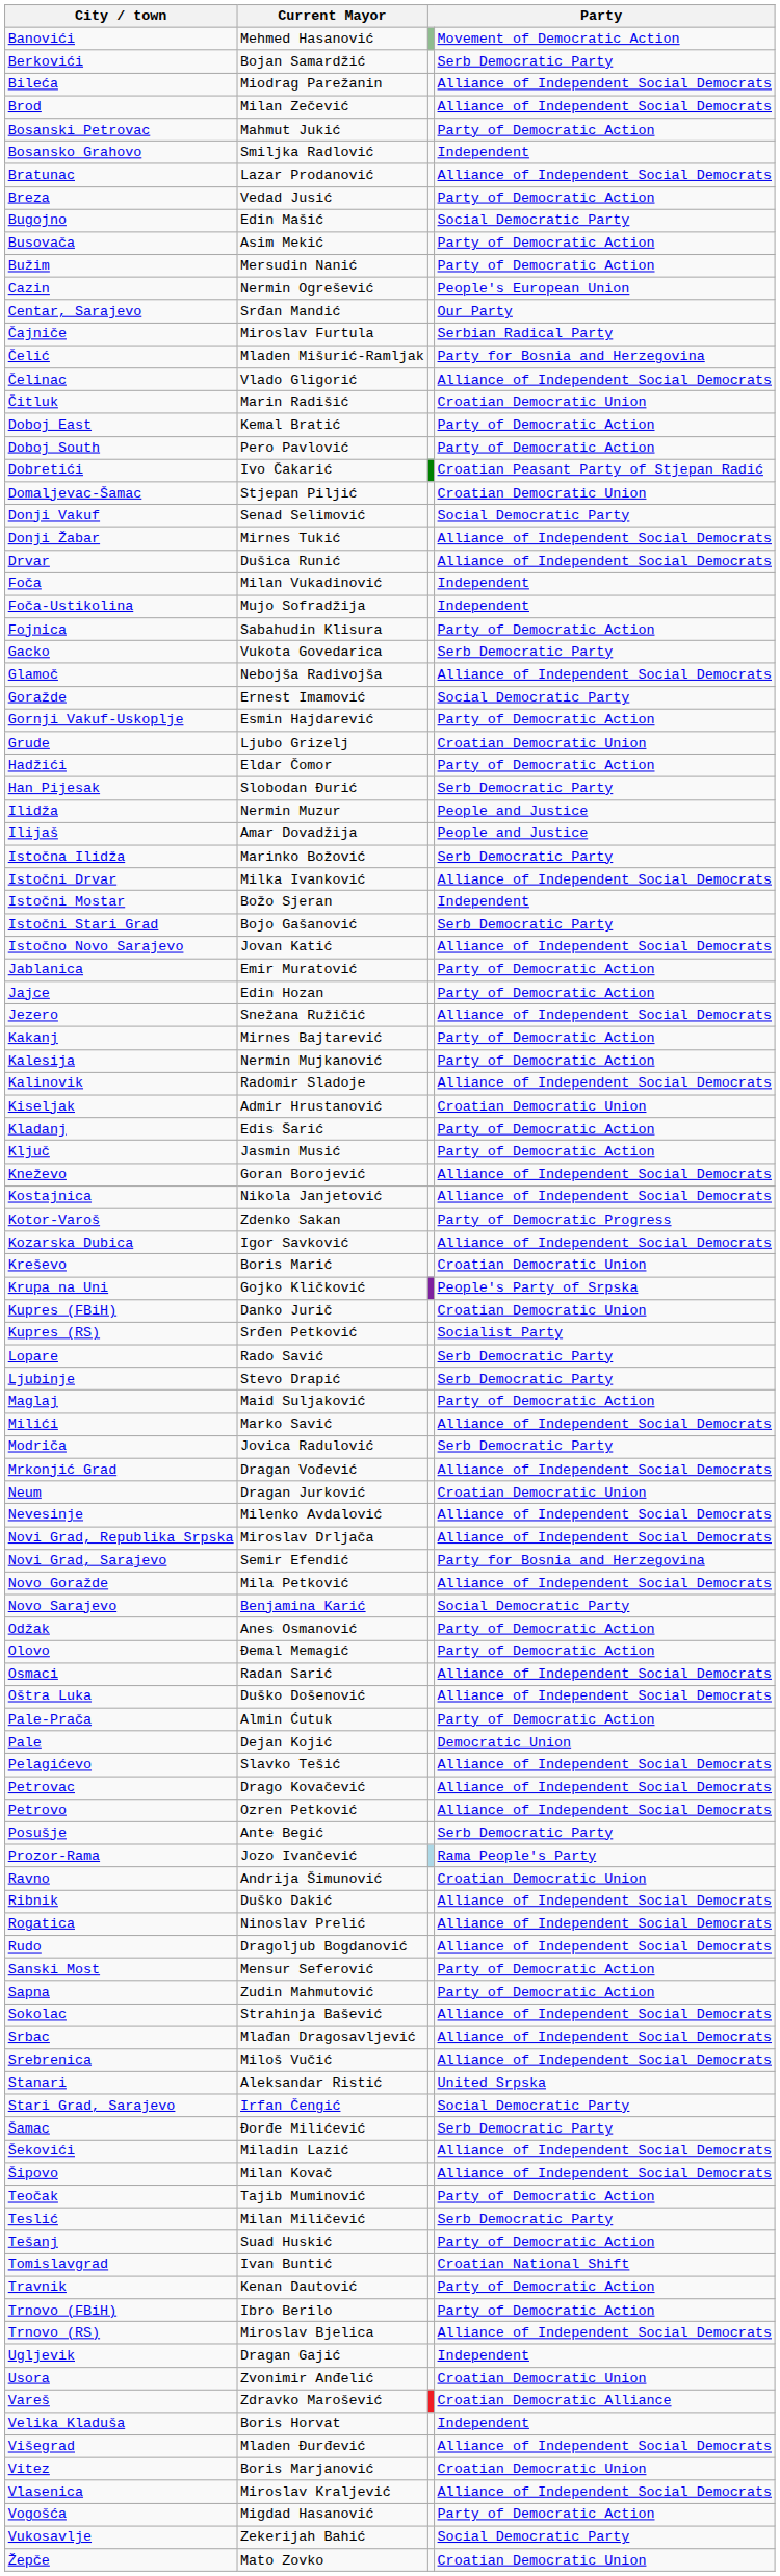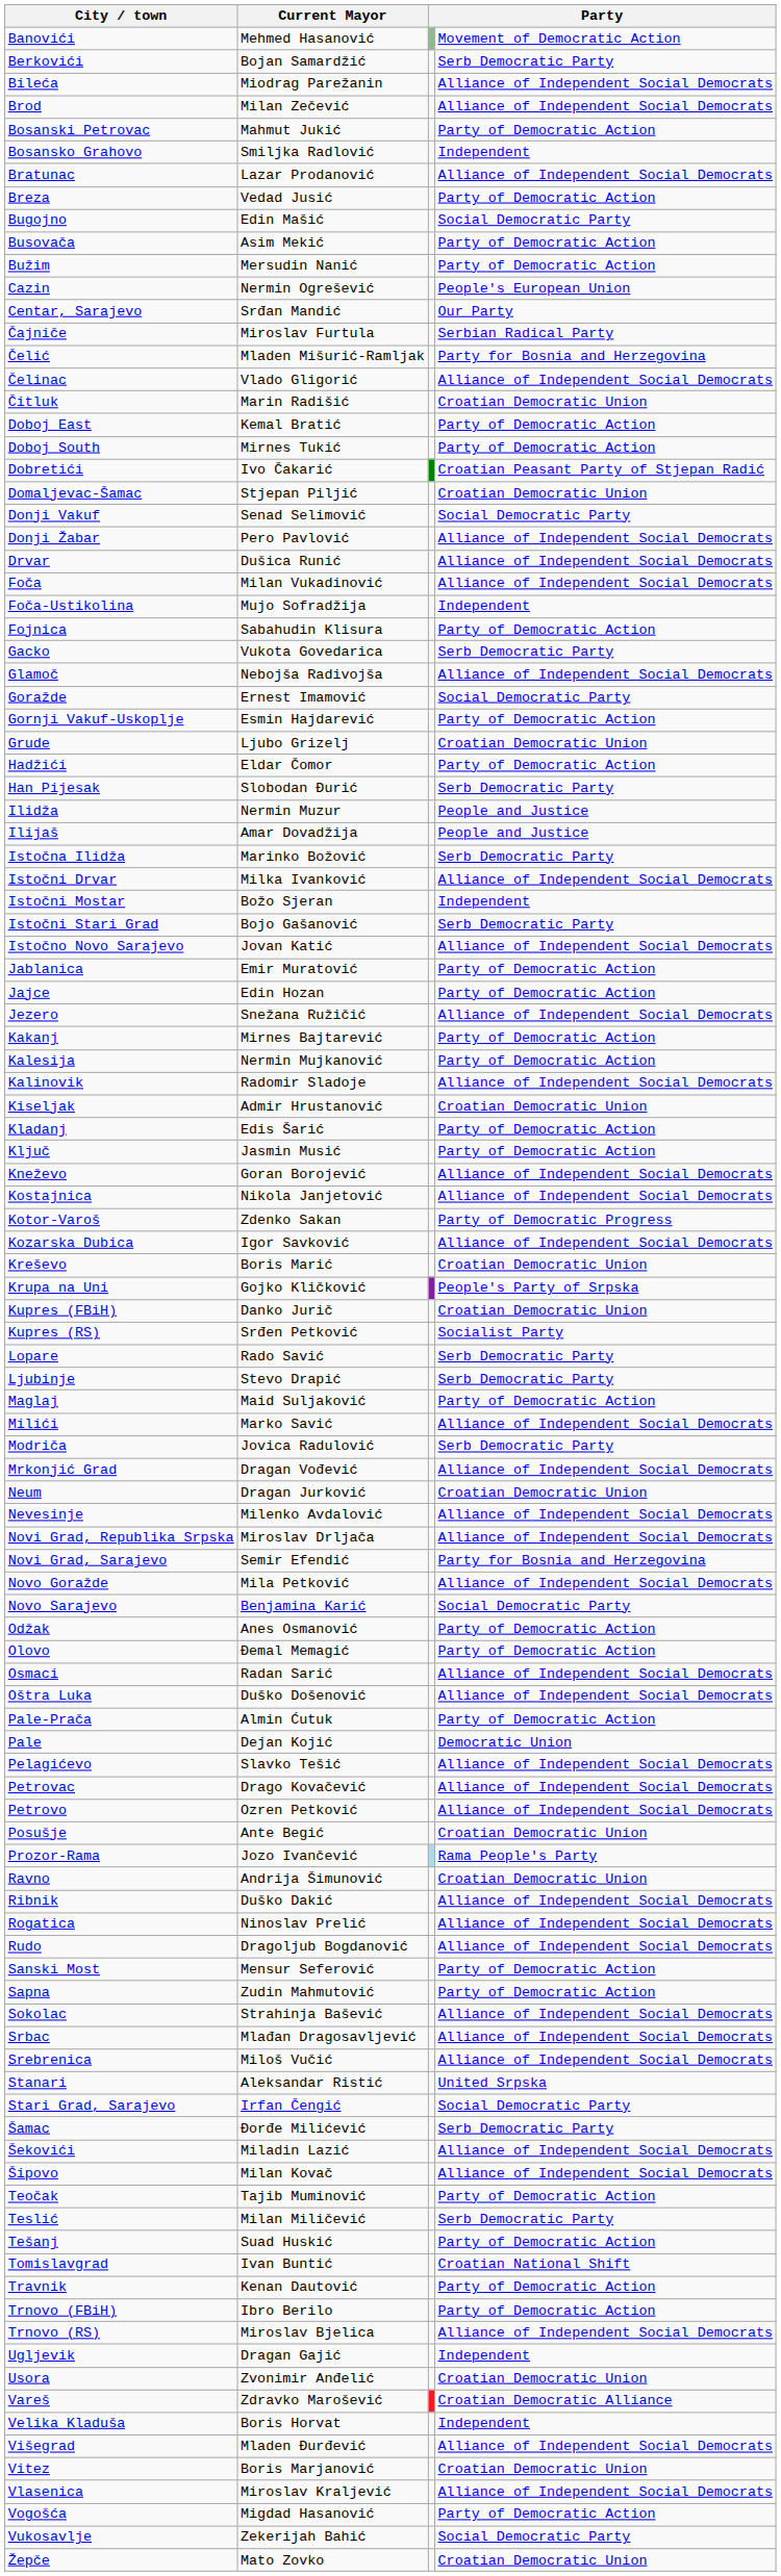 <table class="wikitable">
 <tr>
 <th>City / town</th>
 <th>Current Mayor</th>
 <th colspan="2">Party</th>
 </tr>
 <tr>
 <td><a href='#'>Banovići</a></td>
 <td>Mehmed Hasanović</td>
 <td style="background-color:#8fbc8f"></td>
 <td><a href='#'>Movement of Democratic Action</a></td>
 </tr>
 <tr>
 <td><a href='#'>Berkovići</a></td>
 <td>Bojan Samardžić</td>
 <td style="background-color:"></td>
 <td><a href='#'>Serb Democratic Party</a></td>
 </tr>
 <tr>
 <td><a href='#'>Bileća</a></td>
 <td>Miodrag Parežanin</td>
 <td style="background-color:"></td>
 <td><a href='#'>Alliance of Independent Social Democrats</a></td>
 </tr>
 <tr>
 <td><a href='#'>Brod</a></td>
 <td>Milan Zečević</td>
 <td style="background-color:"></td>
 <td><a href='#'>Alliance of Independent Social Democrats</a></td>
 </tr>
 <tr>
 <td><a href='#'>Bosanski Petrovac</a></td>
 <td>Mahmut Jukić</td>
 <td style="background-color:"></td>
 <td><a href='#'>Party of Democratic Action</a></td>
 </tr>
 <tr>
 <td><a href='#'>Bosansko Grahovo</a></td>
 <td>Smiljka Radlović</td>
 <td style="background-color:"></td>
 <td><a href='#'>Independent</a></td>
 </tr>
 <tr>
 <td><a href='#'>Bratunac</a></td>
 <td>Lazar Prodanović</td>
 <td style="background-color:"></td>
 <td><a href='#'>Alliance of Independent Social Democrats</a></td>
 </tr>
 <tr>
 <td><a href='#'>Breza</a></td>
 <td>Vedad Jusić</td>
 <td style="background-color:"></td>
 <td><a href='#'>Party of Democratic Action</a></td>
 </tr>
 <tr>
 <td><a href='#'>Bugojno</a></td>
 <td>Edin Mašić</td>
 <td style="background-color:"></td>
 <td><a href='#'>Social Democratic Party</a></td>
 </tr>
 <tr>
 <td><a href='#'>Busovača</a></td>
 <td>Asim Mekić</td>
 <td style="background-color:"></td>
 <td><a href='#'>Party of Democratic Action</a></td>
 </tr>
 <tr>
 <td><a href='#'>Bužim</a></td>
 <td>Mersudin Nanić</td>
 <td style="background-color:"></td>
 <td><a href='#'>Party of Democratic Action</a></td>
 </tr>
 <tr>
 <td><a href='#'>Cazin</a></td>
 <td>Nermin Ogrešević</td>
 <td style="background-color:"></td>
 <td><a href='#'>People's European Union</a></td>
 </tr>
 <tr>
 <td><a href='#'>Centar, Sarajevo</a></td>
 <td>Srđan Mandić</td>
 <td style="background-color:"></td>
 <td><a href='#'>Our Party</a></td>
 </tr>
 <tr>
 <td><a href='#'>Čajniče</a></td>
 <td>Miroslav Furtula</td>
 <td style="background-color:"></td>
 <td><a href='#'>Serbian Radical Party</a></td>
 </tr>
 <tr>
 <td><a href='#'>Čelić</a></td>
 <td>Mladen Mišurić-Ramljak</td>
 <td style="background-color:"></td>
 <td><a href='#'>Party for Bosnia and Herzegovina</a></td>
 </tr>
 <tr>
 <td><a href='#'>Čelinac</a></td>
 <td>Vlado Gligorić</td>
 <td style="background-color:"></td>
 <td><a href='#'>Alliance of Independent Social Democrats</a></td>
 </tr>
 <tr>
 <td><a href='#'>Čitluk</a></td>
 <td>Marin Radišić</td>
 <td style="background-color:"></td>
 <td><a href='#'>Croatian Democratic Union</a></td>
 </tr>
 <tr>
 <td><a href='#'>Doboj East</a></td>
 <td>Kemal Bratić</td>
 <td style="background-color:"></td>
 <td><a href='#'>Party of Democratic Action</a></td>
 </tr>
 <tr>
 <td><a href='#'>Doboj South</a></td>
-<td>Pero Pavlović</td>
+<td>Mirnes Tukić</td>
 <td style="background-color:"></td>
 <td><a href='#'>Party of Democratic Action</a></td>
 </tr>
 <tr>
 <td><a href='#'>Dobretići</a></td>
 <td>Ivo Čakarić</td>
 <td style="background-color:green"></td>
 <td><a href='#'>Croatian Peasant Party of Stjepan Radić</a></td>
 </tr>
 <tr>
 <td><a href='#'>Domaljevac-Šamac</a></td>
 <td>Stjepan Piljić</td>
 <td style="background-color:"></td>
 <td><a href='#'>Croatian Democratic Union</a></td>
 </tr>
 <tr>
 <td><a href='#'>Donji Vakuf</a></td>
 <td>Senad Selimović</td>
 <td style="background-color:"></td>
 <td><a href='#'>Social Democratic Party</a></td>
 </tr>
 <tr>
 <td><a href='#'>Donji Žabar</a></td>
-<td>Mirnes Tukić</td>
+<td>Pero Pavlović</td>
 <td style="background-color:"></td>
 <td><a href='#'>Alliance of Independent Social Democrats</a></td>
 </tr>
 <tr>
 <td><a href='#'>Drvar</a></td>
 <td>Dušica Runić</td>
 <td style="background-color:"></td>
 <td><a href='#'>Alliance of Independent Social Democrats</a></td>
 </tr>
 <tr>
 <td><a href='#'>Foča</a></td>
 <td>Milan Vukadinović</td>
 <td style="background-color:"></td>
-<td><a href='#'>Independent</a></td>
+<td><a href='#'>Alliance of Independent Social Democrats</a></td>
 </tr>
 <tr>
 <td><a href='#'>Foča-Ustikolina</a></td>
 <td>Mujo Sofradžija</td>
 <td style="background-color:"></td>
 <td><a href='#'>Independent</a></td>
 </tr>
 <tr>
 <td><a href='#'>Fojnica</a></td>
 <td>Sabahudin Klisura</td>
 <td style="background-color:"></td>
 <td><a href='#'>Party of Democratic Action</a></td>
 </tr>
 <tr>
 <td><a href='#'>Gacko</a></td>
 <td>Vukota Govedarica</td>
 <td style="background-color:"></td>
 <td><a href='#'>Serb Democratic Party</a></td>
 </tr>
 <tr>
 <td><a href='#'>Glamoč</a></td>
 <td>Nebojša Radivojša</td>
 <td style="background-color:"></td>
 <td><a href='#'>Alliance of Independent Social Democrats</a></td>
 </tr>
 <tr>
 <td><a href='#'>Goražde</a></td>
 <td>Ernest Imamović</td>
 <td style="background-color:"></td>
 <td><a href='#'>Social Democratic Party</a></td>
 </tr>
 <tr>
 <td><a href='#'>Gornji Vakuf-Uskoplje</a></td>
 <td>Esmin Hajdarević</td>
 <td style="background-color:"></td>
 <td><a href='#'>Party of Democratic Action</a></td>
 </tr>
 <tr>
 <td><a href='#'>Grude</a></td>
 <td>Ljubo Grizelj</td>
 <td style="background-color:"></td>
 <td><a href='#'>Croatian Democratic Union</a></td>
 </tr>
 <tr>
 <td><a href='#'>Hadžići</a></td>
 <td>Eldar Čomor</td>
 <td style="background-color:"></td>
 <td><a href='#'>Party of Democratic Action</a></td>
 </tr>
 <tr>
 <td><a href='#'>Han Pijesak</a></td>
 <td>Slobodan Đurić</td>
 <td style="background-color:"></td>
 <td><a href='#'>Serb Democratic Party</a></td>
 </tr>
 <tr>
 <td><a href='#'>Ilidža</a></td>
 <td>Nermin Muzur</td>
 <td style="background-color:"></td>
 <td><a href='#'>People and Justice</a></td>
 </tr>
 <tr>
 <td><a href='#'>Ilijaš</a></td>
 <td>Amar Dovadžija</td>
 <td style="background-color:"></td>
 <td><a href='#'>People and Justice</a></td>
 </tr>
 <tr>
 <td><a href='#'>Istočna Ilidža</a></td>
 <td>Marinko Božović</td>
 <td style="background-color:"></td>
 <td><a href='#'>Serb Democratic Party</a></td>
 </tr>
 <tr>
 <td><a href='#'>Istočni Drvar</a></td>
 <td>Milka Ivanković</td>
 <td style="background-color:"></td>
 <td><a href='#'>Alliance of Independent Social Democrats</a></td>
 </tr>
 <tr>
 <td><a href='#'>Istočni Mostar</a></td>
 <td>Božo Sjeran</td>
 <td style="background-color:"></td>
 <td><a href='#'>Independent</a></td>
 </tr>
 <tr>
 <td><a href='#'>Istočni Stari Grad</a></td>
 <td>Bojo Gašanović</td>
 <td style="background-color:"></td>
 <td><a href='#'>Serb Democratic Party</a></td>
 </tr>
 <tr>
 <td><a href='#'>Istočno Novo Sarajevo</a></td>
 <td>Jovan Katić</td>
 <td style="background-color:"></td>
 <td><a href='#'>Alliance of Independent Social Democrats</a></td>
 </tr>
 <tr>
 <td><a href='#'>Jablanica</a></td>
 <td>Emir Muratović</td>
 <td style="background-color:"></td>
 <td><a href='#'>Party of Democratic Action</a></td>
 </tr>
 <tr>
 <td><a href='#'>Jajce</a></td>
 <td>Edin Hozan</td>
 <td style="background-color:"></td>
 <td><a href='#'>Party of Democratic Action</a></td>
 </tr>
 <tr>
 <td><a href='#'>Jezero</a></td>
 <td>Snežana Ružičić</td>
 <td style="background-color:"></td>
 <td><a href='#'>Alliance of Independent Social Democrats</a></td>
 </tr>
 <tr>
 <td><a href='#'>Kakanj</a></td>
 <td>Mirnes Bajtarević</td>
 <td style="background-color:"></td>
 <td><a href='#'>Party of Democratic Action</a></td>
 </tr>
 <tr>
 <td><a href='#'>Kalesija</a></td>
 <td>Nermin Mujkanović</td>
 <td style="background-color:"></td>
 <td><a href='#'>Party of Democratic Action</a></td>
 </tr>
 <tr>
 <td><a href='#'>Kalinovik</a></td>
 <td>Radomir Sladoje</td>
 <td style="background-color:"></td>
 <td><a href='#'>Alliance of Independent Social Democrats</a></td>
 </tr>
 <tr>
 <td><a href='#'>Kiseljak</a></td>
 <td>Admir Hrustanović</td>
 <td style="background-color:"></td>
 <td><a href='#'>Croatian Democratic Union</a></td>
 </tr>
 <tr>
 <td><a href='#'>Kladanj</a></td>
 <td>Edis Šarić</td>
 <td style="background-color:"></td>
 <td><a href='#'>Party of Democratic Action</a></td>
 </tr>
 <tr>
 <td><a href='#'>Ključ</a></td>
 <td>Jasmin Musić</td>
 <td style="background-color:"></td>
 <td><a href='#'>Party of Democratic Action</a></td>
 </tr>
 <tr>
 <td><a href='#'>Kneževo</a></td>
 <td>Goran Borojević</td>
 <td style="background-color:"></td>
 <td><a href='#'>Alliance of Independent Social Democrats</a></td>
 </tr>
 <tr>
 <td><a href='#'>Kostajnica</a></td>
 <td>Nikola Janjetović</td>
 <td style="background-color:"></td>
 <td><a href='#'>Alliance of Independent Social Democrats</a></td>
 </tr>
 <tr>
 <td><a href='#'>Kotor-Varoš</a></td>
 <td>Zdenko Sakan</td>
 <td style="background-color:"></td>
 <td><a href='#'>Party of Democratic Progress</a></td>
 </tr>
 <tr>
 <td><a href='#'>Kozarska Dubica</a></td>
 <td>Igor Savković</td>
 <td style="background-color:"></td>
 <td><a href='#'>Alliance of Independent Social Democrats</a></td>
 </tr>
 <tr>
 <td><a href='#'>Kreševo</a></td>
 <td>Boris Marić</td>
 <td style="background-color:"></td>
 <td><a href='#'>Croatian Democratic Union</a></td>
 </tr>
 <tr>
 <td><a href='#'>Krupa na Uni</a></td>
 <td>Gojko Kličković</td>
 <td style="background-color:#7D219E"></td>
 <td><a href='#'>People's Party of Srpska</a></td>
 </tr>
 <tr>
 <td><a href='#'>Kupres (FBiH)</a></td>
 <td>Danko Jurič</td>
 <td style="background-color:"></td>
 <td><a href='#'>Croatian Democratic Union</a></td>
 </tr>
 <tr>
 <td><a href='#'>Kupres (RS)</a></td>
 <td>Srđen Petković</td>
 <td style="background-color:"></td>
 <td><a href='#'>Socialist Party</a></td>
 </tr>
 <tr>
 <td><a href='#'>Lopare</a></td>
 <td>Rado Savić</td>
 <td style="background-color:"></td>
 <td><a href='#'>Serb Democratic Party</a></td>
 </tr>
 <tr>
 <td><a href='#'>Ljubinje</a></td>
 <td>Stevo Drapić</td>
 <td style="background-color:"></td>
 <td><a href='#'>Serb Democratic Party</a></td>
 </tr>
 <tr>
 <td><a href='#'>Maglaj</a></td>
 <td>Maid Suljaković</td>
 <td style="background-color:"></td>
 <td><a href='#'>Party of Democratic Action</a></td>
 </tr>
 <tr>
 <td><a href='#'>Milići</a></td>
 <td>Marko Savić</td>
 <td style="background-color:"></td>
 <td><a href='#'>Alliance of Independent Social Democrats</a></td>
 </tr>
 <tr>
 <td><a href='#'>Modriča</a></td>
 <td>Jovica Radulović</td>
 <td style="background-color:"></td>
 <td><a href='#'>Serb Democratic Party</a></td>
 </tr>
 <tr>
 <td><a href='#'>Mrkonjić Grad</a></td>
 <td>Dragan Vođević</td>
 <td style="background-color:"></td>
 <td><a href='#'>Alliance of Independent Social Democrats</a></td>
 </tr>
 <tr>
 <td><a href='#'>Neum</a></td>
 <td>Dragan Jurković</td>
 <td style="background-color:"></td>
 <td><a href='#'>Croatian Democratic Union</a></td>
 </tr>
 <tr>
 <td><a href='#'>Nevesinje</a></td>
 <td>Milenko Avdalović</td>
 <td style="background-color:"></td>
 <td><a href='#'>Alliance of Independent Social Democrats</a></td>
 </tr>
 <tr>
 <td><a href='#'>Novi Grad, Republika Srpska</a></td>
 <td>Miroslav Drljača</td>
 <td style="background-color:"></td>
 <td><a href='#'>Alliance of Independent Social Democrats</a></td>
 </tr>
 <tr>
 <td><a href='#'>Novi Grad, Sarajevo</a></td>
 <td>Semir Efendić</td>
 <td style="background-color:"></td>
 <td><a href='#'>Party for Bosnia and Herzegovina</a></td>
 </tr>
 <tr>
 <td><a href='#'>Novo Goražde</a></td>
 <td>Mila Petković</td>
 <td style="background-color:"></td>
 <td><a href='#'>Alliance of Independent Social Democrats</a></td>
 </tr>
 <tr>
 <td><a href='#'>Novo Sarajevo</a></td>
 <td><a href='#'>Benjamina Karić</a></td>
 <td style="background-color:"></td>
 <td><a href='#'>Social Democratic Party</a></td>
 </tr>
 <tr>
 <td><a href='#'>Odžak</a></td>
 <td>Anes Osmanović</td>
 <td style="background-color:"></td>
 <td><a href='#'>Party of Democratic Action</a></td>
 </tr>
 <tr>
 <td><a href='#'>Olovo</a></td>
 <td>Đemal Memagić</td>
 <td style="background-color:"></td>
 <td><a href='#'>Party of Democratic Action</a></td>
 </tr>
 <tr>
 <td><a href='#'>Osmaci</a></td>
 <td>Radan Sarić</td>
 <td style="background-color:"></td>
 <td><a href='#'>Alliance of Independent Social Democrats</a></td>
 </tr>
 <tr>
 <td><a href='#'>Oštra Luka</a></td>
 <td>Duško Došenović</td>
 <td style="background-color:"></td>
 <td><a href='#'>Alliance of Independent Social Democrats</a></td>
 </tr>
 <tr>
 <td><a href='#'>Pale-Prača</a></td>
 <td>Almin Ćutuk</td>
 <td style="background-color:"></td>
 <td><a href='#'>Party of Democratic Action</a></td>
 </tr>
 <tr>
 <td><a href='#'>Pale</a></td>
 <td>Dejan Kojić</td>
 <td style="background-color:"></td>
 <td><a href='#'>Democratic Union</a></td>
 </tr>
 <tr>
 <td><a href='#'>Pelagićevo</a></td>
 <td>Slavko Tešić</td>
 <td style="background-color:"></td>
 <td><a href='#'>Alliance of Independent Social Democrats</a></td>
 </tr>
 <tr>
 <td><a href='#'>Petrovac</a></td>
 <td>Drago Kovačević</td>
 <td style="background-color:"></td>
 <td><a href='#'>Alliance of Independent Social Democrats</a></td>
 </tr>
 <tr>
 <td><a href='#'>Petrovo</a></td>
 <td>Ozren Petković</td>
 <td style="background-color:"></td>
 <td><a href='#'>Alliance of Independent Social Democrats</a></td>
 </tr>
 <tr>
 <td><a href='#'>Posušje</a></td>
 <td>Ante Begić</td>
 <td style="background-color:"></td>
-<td><a href='#'>Serb Democratic Party</a></td>
+<td><a href='#'>Croatian Democratic Union</a></td>
 </tr>
 <tr>
 <td><a href='#'>Prozor-Rama</a></td>
 <td>Jozo Ivančević</td>
 <td style="background-color:lightblue"></td>
 <td><a href='#'>Rama People's Party</a></td>
 </tr>
 <tr>
 <td><a href='#'>Ravno</a></td>
 <td>Andrija Šimunović</td>
 <td style="background-color:"></td>
 <td><a href='#'>Croatian Democratic Union</a></td>
 </tr>
 <tr>
 <td><a href='#'>Ribnik</a></td>
 <td>Duško Dakić</td>
 <td style="background-color:"></td>
 <td><a href='#'>Alliance of Independent Social Democrats</a></td>
 </tr>
 <tr>
 <td><a href='#'>Rogatica</a></td>
 <td>Ninoslav Prelić</td>
 <td style="background-color:"></td>
 <td><a href='#'>Alliance of Independent Social Democrats</a></td>
 </tr>
 <tr>
 <td><a href='#'>Rudo</a></td>
 <td>Dragoljub Bogdanović</td>
 <td style="background-color:"></td>
 <td><a href='#'>Alliance of Independent Social Democrats</a></td>
 </tr>
 <tr>
 <td><a href='#'>Sanski Most</a></td>
 <td>Mensur Seferović</td>
 <td style="background-color:"></td>
 <td><a href='#'>Party of Democratic Action</a></td>
 </tr>
 <tr>
 <td><a href='#'>Sapna</a></td>
 <td>Zudin Mahmutović</td>
 <td style="background-color:"></td>
 <td><a href='#'>Party of Democratic Action</a></td>
 </tr>
 <tr>
 <td><a href='#'>Sokolac</a></td>
 <td>Strahinja Bašević</td>
 <td style="background-color:"></td>
 <td><a href='#'>Alliance of Independent Social Democrats</a></td>
 </tr>
 <tr>
 <td><a href='#'>Srbac</a></td>
 <td>Mlađan Dragosavljević</td>
 <td style="background-color:"></td>
 <td><a href='#'>Alliance of Independent Social Democrats</a></td>
 </tr>
 <tr>
 <td><a href='#'>Srebrenica</a></td>
 <td>Miloš Vučić</td>
 <td style="background-color:"></td>
 <td><a href='#'>Alliance of Independent Social Democrats</a></td>
 </tr>
 <tr>
 <td><a href='#'>Stanari</a></td>
 <td>Aleksandar Ristić</td>
 <td style="background-color:"></td>
 <td><a href='#'>United Srpska</a></td>
 </tr>
 <tr>
 <td><a href='#'>Stari Grad, Sarajevo</a></td>
 <td><a href='#'>Irfan Čengić</a></td>
 <td style="background-color:"></td>
 <td><a href='#'>Social Democratic Party</a></td>
 </tr>
 <tr>
 <td><a href='#'>Šamac</a></td>
 <td>Đorđe Milićević</td>
 <td style="background-color:"></td>
 <td><a href='#'>Serb Democratic Party</a></td>
 </tr>
 <tr>
 <td><a href='#'>Šekovići</a></td>
 <td>Miladin Lazić</td>
 <td style="background-color:"></td>
 <td><a href='#'>Alliance of Independent Social Democrats</a></td>
 </tr>
 <tr>
 <td><a href='#'>Šipovo</a></td>
 <td>Milan Kovač</td>
 <td style="background-color:"></td>
 <td><a href='#'>Alliance of Independent Social Democrats</a></td>
 </tr>
 <tr>
 <td><a href='#'>Teočak</a></td>
 <td>Tajib Muminović</td>
 <td style="background-color:"></td>
 <td><a href='#'>Party of Democratic Action</a></td>
 </tr>
 <tr>
 <td><a href='#'>Teslić</a></td>
 <td>Milan Miličević</td>
 <td style="background-color:"></td>
 <td><a href='#'>Serb Democratic Party</a></td>
 </tr>
 <tr>
 <td><a href='#'>Tešanj</a></td>
 <td>Suad Huskić</td>
 <td style="background-color:"></td>
 <td><a href='#'>Party of Democratic Action</a></td>
 </tr>
 <tr>
 <td><a href='#'>Tomislavgrad</a></td>
 <td>Ivan Buntić</td>
 <td style="background-color:"></td>
 <td><a href='#'>Croatian National Shift</a></td>
 </tr>
 <tr>
 <td><a href='#'>Travnik</a></td>
 <td>Kenan Dautović</td>
 <td style="background-color:"></td>
 <td><a href='#'>Party of Democratic Action</a></td>
 </tr>
 <tr>
 <td><a href='#'>Trnovo (FBiH)</a></td>
 <td>Ibro Berilo</td>
 <td style="background-color:"></td>
 <td><a href='#'>Party of Democratic Action</a></td>
 </tr>
 <tr>
 <td><a href='#'>Trnovo (RS)</a></td>
 <td>Miroslav Bjelica</td>
 <td style="background-color:"></td>
 <td><a href='#'>Alliance of Independent Social Democrats</a></td>
 </tr>
 <tr>
 <td><a href='#'>Ugljevik</a></td>
 <td>Dragan Gajić</td>
 <td style="background-color:"></td>
 <td><a href='#'>Independent</a></td>
 </tr>
 <tr>
 <td><a href='#'>Usora</a></td>
 <td>Zvonimir Anđelić</td>
 <td style="background-color:"></td>
 <td><a href='#'>Croatian Democratic Union</a></td>
 </tr>
 <tr>
 <td><a href='#'>Vareš</a></td>
 <td>Zdravko Marošević</td>
 <td style="background-color:#f01c24"></td>
 <td><a href='#'>Croatian Democratic Alliance</a></td>
 </tr>
 <tr>
 <td><a href='#'>Velika Kladuša</a></td>
 <td>Boris Horvat</td>
 <td style="background-color:"></td>
 <td><a href='#'>Independent</a></td>
 </tr>
 <tr>
 <td><a href='#'>Višegrad</a></td>
 <td>Mladen Đurđević</td>
 <td style="background-color:"></td>
 <td><a href='#'>Alliance of Independent Social Democrats</a></td>
 </tr>
 <tr>
 <td><a href='#'>Vitez</a></td>
 <td>Boris Marjanović</td>
 <td style="background-color:"></td>
 <td><a href='#'>Croatian Democratic Union</a></td>
 </tr>
 <tr>
 <td><a href='#'>Vlasenica</a></td>
 <td>Miroslav Kraljević</td>
 <td style="background-color:"></td>
 <td><a href='#'>Alliance of Independent Social Democrats</a></td>
 </tr>
 <tr>
 <td><a href='#'>Vogošća</a></td>
 <td>Migdad Hasanović</td>
 <td style="background-color:"></td>
 <td><a href='#'>Party of Democratic Action</a></td>
 </tr>
 <tr>
 <td><a href='#'>Vukosavlje</a></td>
 <td>Zekerijah Bahić</td>
 <td style="background-color:"></td>
 <td><a href='#'>Social Democratic Party</a></td>
 </tr>
 <tr>
 <td><a href='#'>Žepče</a></td>
 <td>Mato Zovko</td>
 <td style="background-color:"></td>
 <td><a href='#'>Croatian Democratic Union</a></td>
 </tr>
 </table>
